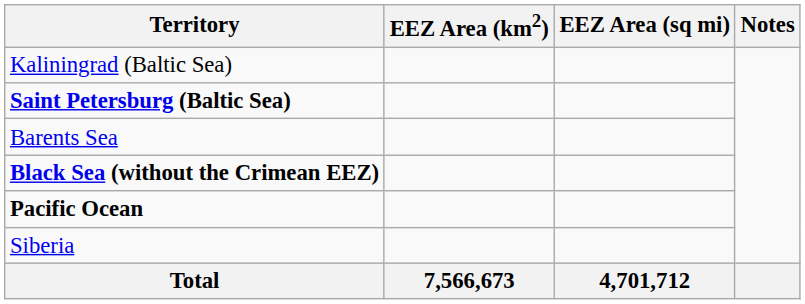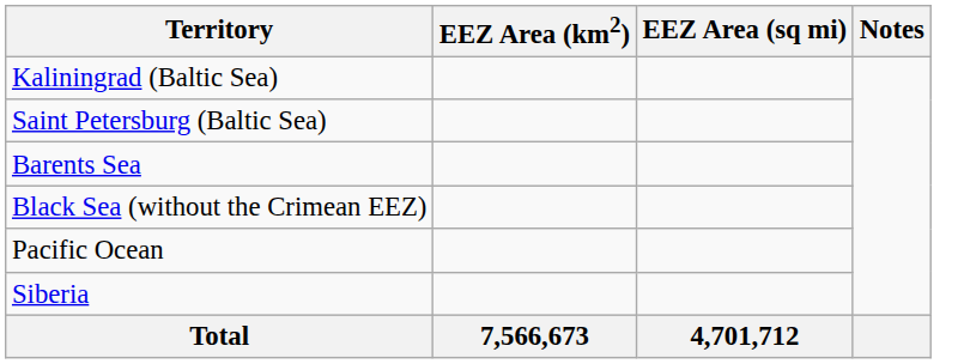 <table class="wikitable">
 <tr>
 <th>Territory</th>
 <th>EEZ Area (km<sup>2</sup>)</th>
 <th>EEZ Area (sq mi)</th>
 <th>Notes</th>
 </tr>
 <tr>
 <td><a href='#'>Kaliningrad</a> (Baltic Sea)</td>
 <td></td>
 <td></td>
 </tr>
 <tr>
-<td><strong><a href='#'>Saint Petersburg</a> (Baltic Sea)</strong></td>
+<td><a href='#'>Saint Petersburg</a> (Baltic Sea)</td>
 <td></td>
 <td></td>
 </tr>
 <tr>
 <td><a href='#'>Barents Sea</a></td>
 <td></td>
 <td></td>
 </tr>
 <tr>
-<td><strong><a href='#'>Black Sea</a> (without the Crimean EEZ)</strong></td>
+<td><a href='#'>Black Sea</a> (without the Crimean EEZ)</td>
 <td></td>
 <td></td>
 </tr>
 <tr>
-<td><strong>Pacific Ocean</strong></td>
+<td>Pacific Ocean</td>
 <td></td>
 <td></td>
 </tr>
 <tr>
 <td><a href='#'>Siberia</a></td>
 <td></td>
 <td></td>
 </tr>
 <tr>
 <th>Total</th>
 <th>7,566,673</th>
 <th>4,701,712</th>
 <th></th>
 </tr>
 </table>
